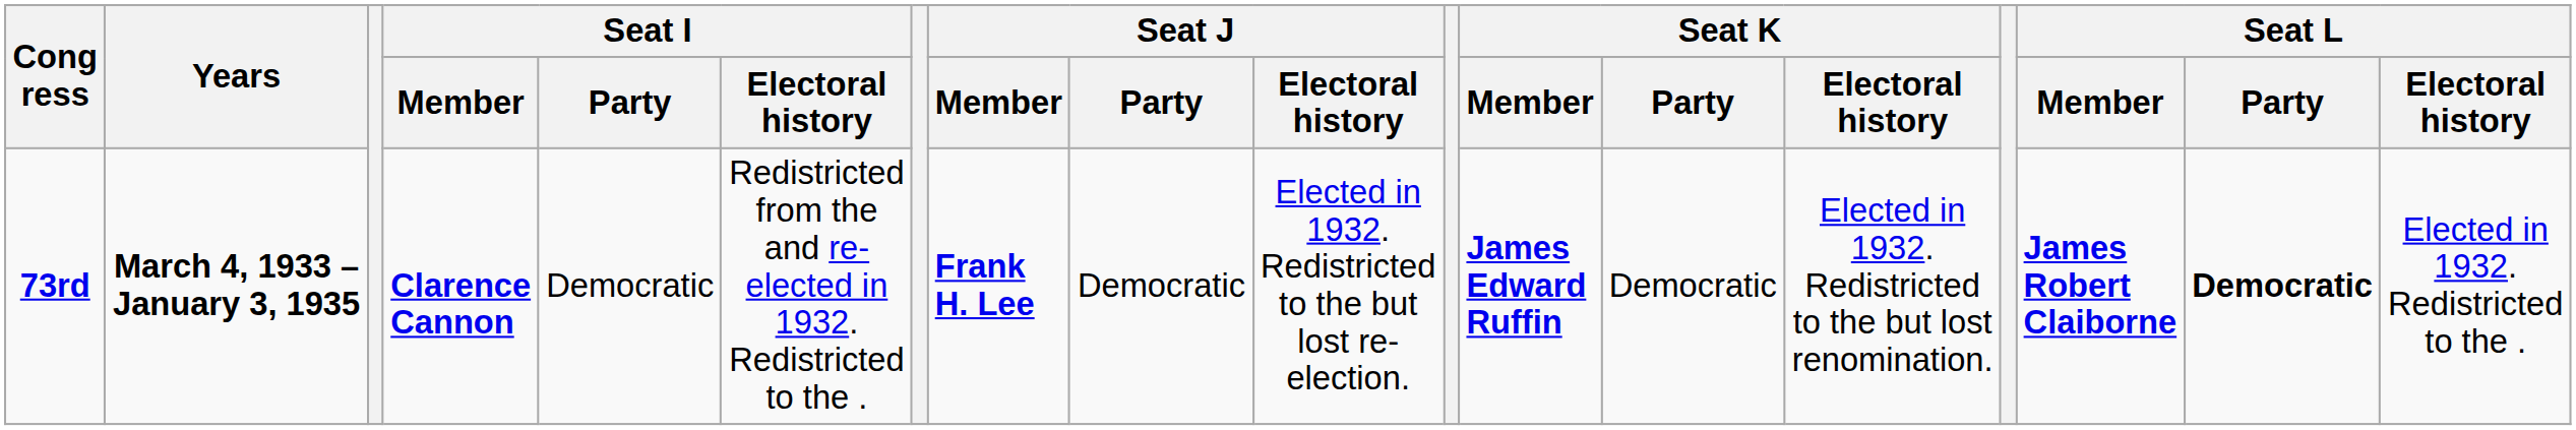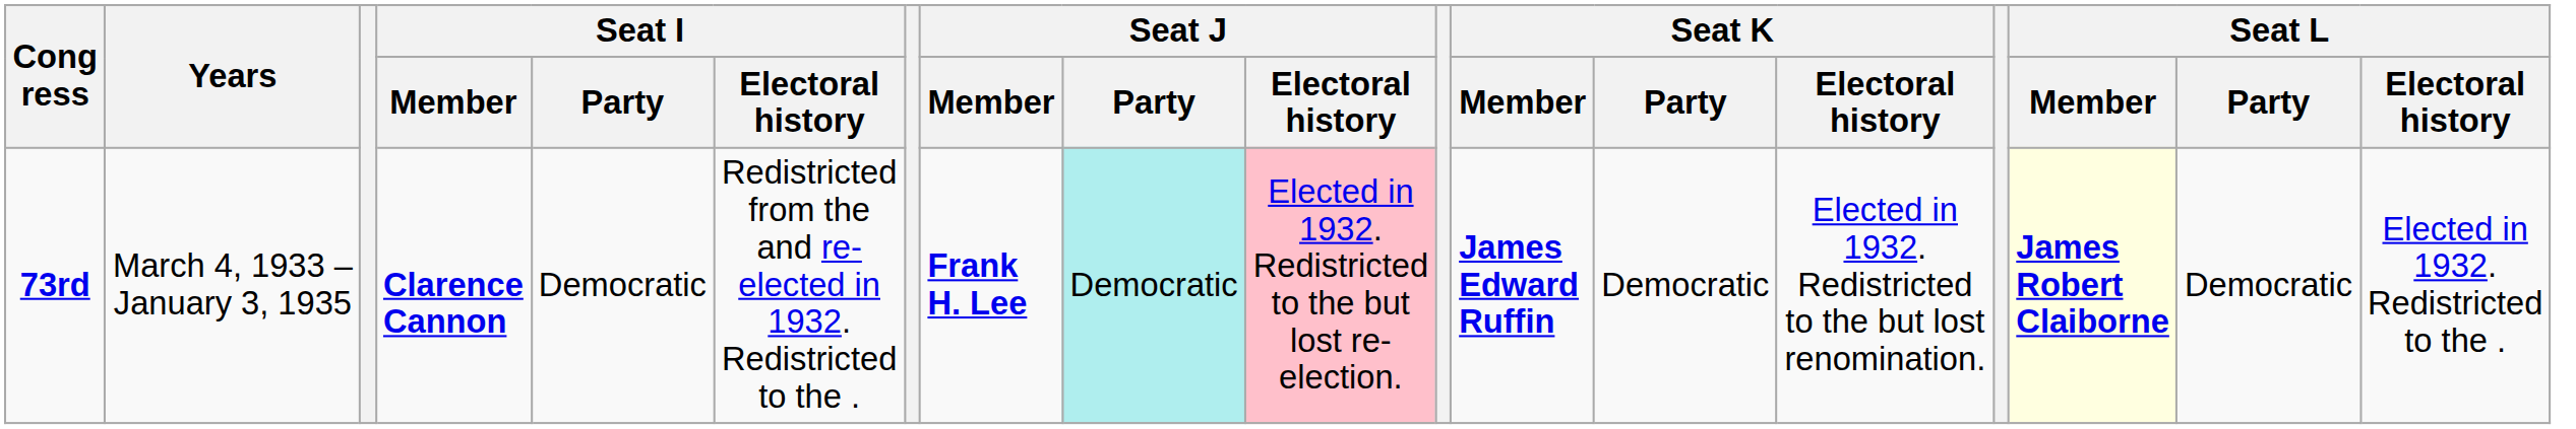 <table class=wikitable style="text-align:center">
 <tr>
 <th rowspan=2>Cong<br>ress</th>
 <th rowspan=2>Years</th>
 <th rowspan=99></th>
 <th colspan=3>Seat I</th>
 <th rowspan=99></th>
 <th colspan=3>Seat J</th>
 <th rowspan=99></th>
 <th colspan=3>Seat K</th>
 <th rowspan=99></th>
 <th colspan=3>Seat L</th>
 </tr>
 <tr>
 <th>Member</th>
 <th>Party</th>
 <th>Electoral history</th>
 <th>Member</th>
 <th>Party</th>
 <th>Electoral history</th>
 <th>Member</th>
 <th>Party</th>
 <th>Electoral history</th>
 <th>Member</th>
 <th>Party</th>
 <th>Electoral history</th>
 </tr>
 <tr>
 <td><strong><a href='#'>73rd</a></strong></td>
-<td nowrap><strong>March 4, 1933 –<br>January 3, 1935</strong></td>
+<td nowrap>March 4, 1933 –<br>January 3, 1935</td>
 <td align=left><br><strong><a href='#'>Clarence Cannon</a></strong><br></td>
 <td>Democratic</td>
 <td>Redistricted from the  and <a href='#'>re-elected in 1932</a>.<br>Redistricted to the .</td>
 <td align=left><strong><a href='#'>Frank H. Lee</a></strong><br></td>
-<td>Democratic</td>
-<td><a href='#'>Elected in 1932</a>.<br>Redistricted to the  but lost re-election.</td>
+<td style="background: paleturquoise;">Democratic</td>
+<td style="background: pink;"><a href='#'>Elected in 1932</a>.<br>Redistricted to the  but lost re-election.</td>
 <td align=left><strong><a href='#'>James Edward Ruffin</a></strong><br></td>
 <td>Democratic</td>
 <td><a href='#'>Elected in 1932</a>.<br>Redistricted to the  but lost renomination.</td>
-<td align=left><strong><a href='#'>James Robert Claiborne</a></strong><br></td>
-<td><strong>Democratic</strong></td>
+<td align=left style="background: lightyellow;"><strong><a href='#'>James Robert Claiborne</a></strong><br></td>
+<td>Democratic</td>
 <td><a href='#'>Elected in 1932</a>.<br>Redistricted to the .</td>
 </tr>
 </table>
